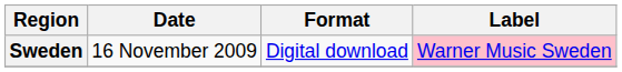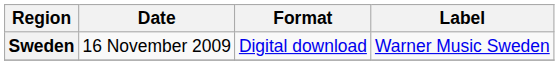 <table class="wikitable plainrowheaders">
 <tr>
 <th scope="col">Region</th>
 <th scope="col">Date</th>
 <th scope="col">Format</th>
 <th scope="col">Label</th>
 </tr>
 <tr>
 <th scope="row">Sweden</th>
 <td>16 November 2009</td>
 <td><a href='#'>Digital download</a></td>
-<td style="background: pink;"><a href='#'>Warner Music Sweden</a></td>
+<td><a href='#'>Warner Music Sweden</a></td>
 </tr>
 <tr>
 </tr>
 </table>
